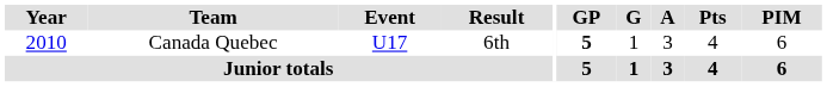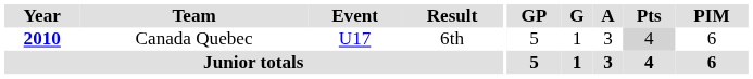 <table border="0" cellpadding="1" cellspacing="0" ID="Table3" style="text-align:center; width:40em">
 <tr ALIGN="center" bgcolor="#e0e0e0">
 <th>Year</th>
 <th>Team</th>
 <th>Event</th>
 <th>Result</th>
 <th rowspan="99" bgcolor="#ffffff"></th>
 <th>GP</th>
 <th>G</th>
 <th>A</th>
 <th>Pts</th>
 <th>PIM</th>
 </tr>
 <tr>
-<td><a href='#'>2010</a></td>
+<td><strong><a href='#'>2010</a></strong></td>
 <td>Canada Quebec</td>
 <td><a href='#'>U17</a></td>
 <td>6th</td>
-<td><strong>5</strong></td>
+<td>5</td>
 <td>1</td>
 <td>3</td>
-<td>4</td>
+<td style="background: lightgrey;">4</td>
 <td>6</td>
 </tr>
 <tr bgcolor="#e0e0e0">
 <th colspan="4">Junior totals</th>
 <th>5</th>
 <th>1</th>
 <th>3</th>
 <th>4</th>
 <th>6</th>
 </tr>
 </table>
